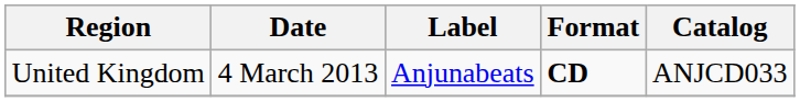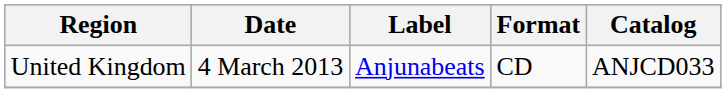 <table class=wikitable>
 <tr>
 <th>Region</th>
 <th>Date</th>
 <th>Label</th>
 <th>Format</th>
 <th>Catalog</th>
 </tr>
 <tr>
 <td>United Kingdom</td>
 <td>4 March 2013</td>
 <td><a href='#'>Anjunabeats</a></td>
-<td><strong>CD</strong></td>
+<td>CD</td>
 <td>ANJCD033</td>
 </tr>
 <tr>
 </tr>
 </table>
